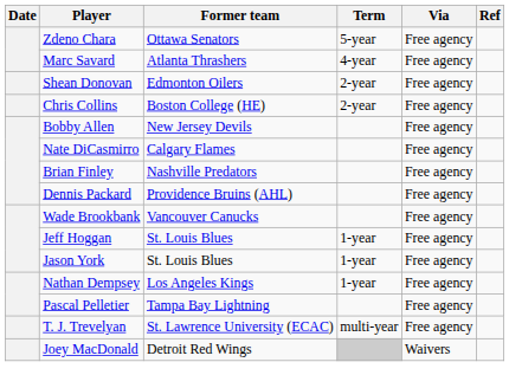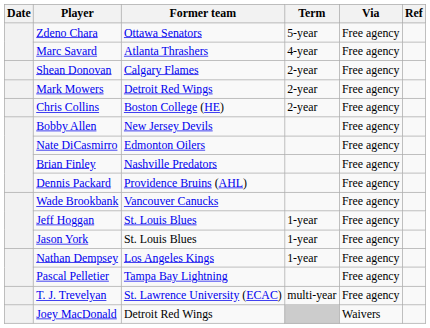 <table class="wikitable plainrowheaders">
 <tr style="background:#ddd; text-align:center;">
 <th>Date</th>
 <th>Player</th>
 <th>Former team</th>
 <th>Term</th>
 <th>Via</th>
 <th>Ref</th>
 </tr>
 <tr>
 <th scope="row" rowspan=2></th>
 <td><a href='#'>Zdeno Chara</a></td>
 <td><a href='#'>Ottawa Senators</a></td>
 <td>5-year</td>
 <td>Free agency</td>
 <td></td>
 </tr>
 <tr>
 <td><a href='#'>Marc Savard</a></td>
 <td><a href='#'>Atlanta Thrashers</a></td>
 <td>4-year</td>
 <td>Free agency</td>
 <td></td>
 </tr>
 <tr>
 <th scope="row"></th>
 <td><a href='#'>Shean Donovan</a></td>
-<td><a href='#'>Edmonton Oilers</a></td>
+<td><a href='#'>Calgary Flames</a></td>
+<td>2-year</td>
+<td>Free agency</td>
+<td></td>
+</tr>
+<tr>
+<th scope="row"></th>
+<td><a href='#'>Mark Mowers</a></td>
+<td><a href='#'>Detroit Red Wings</a></td>
 <td>2-year</td>
 <td>Free agency</td>
 <td></td>
 </tr>
 <tr>
 <th scope="row"></th>
 <td><a href='#'>Chris Collins</a></td>
 <td><a href='#'>Boston College</a> (<a href='#'>HE</a>)</td>
 <td>2-year</td>
 <td>Free agency</td>
 <td></td>
 </tr>
 <tr>
 <th scope="row" rowspan=4></th>
 <td><a href='#'>Bobby Allen</a></td>
 <td><a href='#'>New Jersey Devils</a></td>
 <td></td>
 <td>Free agency</td>
 <td></td>
 </tr>
 <tr>
 <td><a href='#'>Nate DiCasmirro</a></td>
-<td><a href='#'>Calgary Flames</a></td>
+<td><a href='#'>Edmonton Oilers</a></td>
 <td></td>
 <td>Free agency</td>
 <td></td>
 </tr>
 <tr>
 <td><a href='#'>Brian Finley</a></td>
 <td><a href='#'>Nashville Predators</a></td>
 <td></td>
 <td>Free agency</td>
 <td></td>
 </tr>
 <tr>
 <td><a href='#'>Dennis Packard</a></td>
 <td><a href='#'>Providence Bruins</a> (<a href='#'>AHL</a>)</td>
 <td></td>
 <td>Free agency</td>
 <td></td>
 </tr>
 <tr>
 <th scope="row" rowspan=3></th>
 <td><a href='#'>Wade Brookbank</a></td>
 <td><a href='#'>Vancouver Canucks</a></td>
 <td></td>
 <td>Free agency</td>
 <td></td>
 </tr>
 <tr>
 <td><a href='#'>Jeff Hoggan</a></td>
 <td><a href='#'>St. Louis Blues</a></td>
 <td>1-year</td>
 <td>Free agency</td>
 <td></td>
 </tr>
 <tr>
 <td><a href='#'>Jason York</a></td>
 <td>St. Louis Blues</td>
 <td>1-year</td>
 <td>Free agency</td>
 <td></td>
 </tr>
 <tr>
 <th scope="row" rowspan=2></th>
 <td><a href='#'>Nathan Dempsey</a></td>
 <td><a href='#'>Los Angeles Kings</a></td>
 <td>1-year</td>
 <td>Free agency</td>
 <td></td>
 </tr>
 <tr>
 <td><a href='#'>Pascal Pelletier</a></td>
 <td><a href='#'>Tampa Bay Lightning</a></td>
 <td></td>
 <td>Free agency</td>
 <td></td>
 </tr>
 <tr>
 <th scope="row"></th>
 <td><a href='#'>T. J. Trevelyan</a></td>
 <td><a href='#'>St. Lawrence University</a> (<a href='#'>ECAC</a>)</td>
 <td>multi-year</td>
 <td>Free agency</td>
 <td></td>
 </tr>
 <tr>
 <th scope="row"></th>
 <td><a href='#'>Joey MacDonald</a></td>
 <td>Detroit Red Wings</td>
 <td style="background:#ccc"></td>
 <td>Waivers</td>
 <td></td>
 </tr>
 </table>
